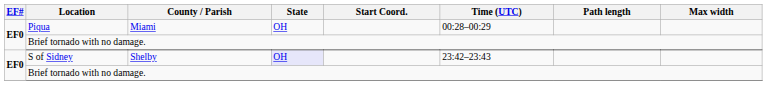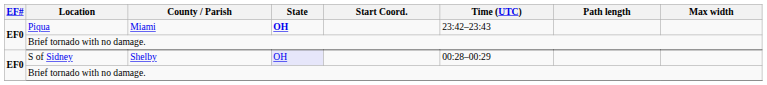 <table class="wikitable sortable" style="width:100%;">
 <tr>
 <th scope="col" width="2%" align="center"><a href='#'>EF#</a></th>
 <th scope="col" align="center" class="unsortable">Location</th>
 <th scope="col" align="center" class="unsortable">County / Parish</th>
 <th scope="col" align="center">State</th>
 <th scope="col" align="center" data-sort-type="number">Start Coord.</th>
 <th scope="col" align="center" data-sort-type="number">Time (<a href='#'>UTC</a>)</th>
 <th scope="col" align="center" data-sort-type="number">Path length</th>
 <th scope="col" align="center" data-sort-type="number">Max width</th>
 </tr>
 <tr>
 <td rowspan="2" align="center"><strong>EF0</strong></td>
 <td><a href='#'>Piqua</a></td>
 <td><a href='#'>Miami</a></td>
-<td><a href='#'>OH</a></td>
+<td><strong><a href='#'>OH</a></strong></td>
 <td></td>
-<td>00:28–00:29</td>
+<td>23:42–23:43</td>
 <td></td>
 <td></td>
 </tr>
 <tr class="expand-child">
 <td colspan="8" style=" border-bottom: 1px solid black;">Brief tornado with no damage.</td>
 </tr>
 <tr>
 <td rowspan="2" align="center"><strong>EF0</strong></td>
 <td>S of <a href='#'>Sidney</a></td>
 <td><a href='#'>Shelby</a></td>
 <td style="background: lavender;"><a href='#'>OH</a></td>
 <td></td>
-<td>23:42–23:43</td>
+<td>00:28–00:29</td>
 <td></td>
 <td></td>
 </tr>
 <tr class="expand-child">
 <td colspan="8" style=" border-bottom: 1px solid black;">Brief tornado with no damage.</td>
 </tr>
 <tr>
 </tr>
 </table>
